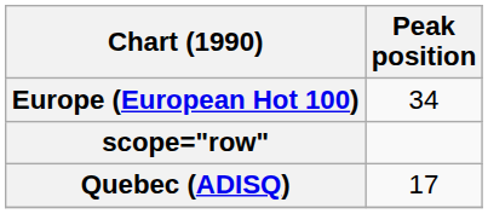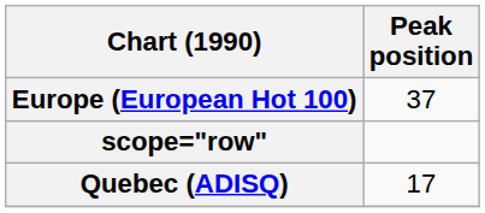 <table class="wikitable sortable plainrowheaders">
 <tr>
 <th>Chart (1990)</th>
 <th>Peak<br>position</th>
 </tr>
 <tr>
 <th scope="row">Europe (<a href='#'>European Hot 100</a>)</th>
-<td align="center">34</td>
+<td align="center">37</td>
 </tr>
 <tr>
 <th>scope="row"</th>
 </tr>
 <tr>
 <th scope="row">Quebec (<a href='#'>ADISQ</a>)</th>
 <td align="center">17</td>
 </tr>
 <tr>
 </tr>
 </table>
